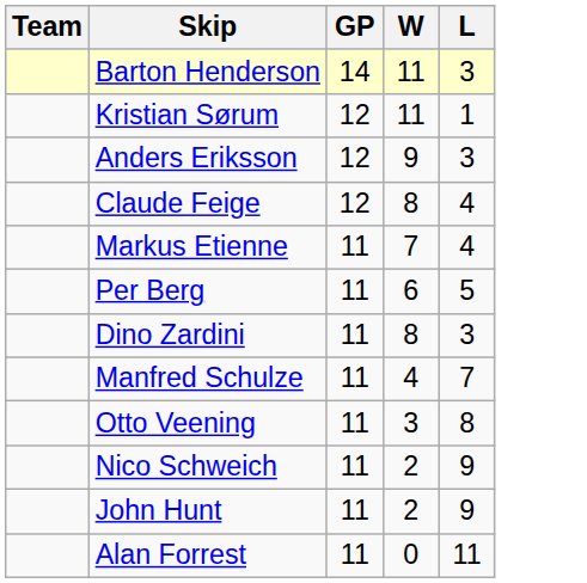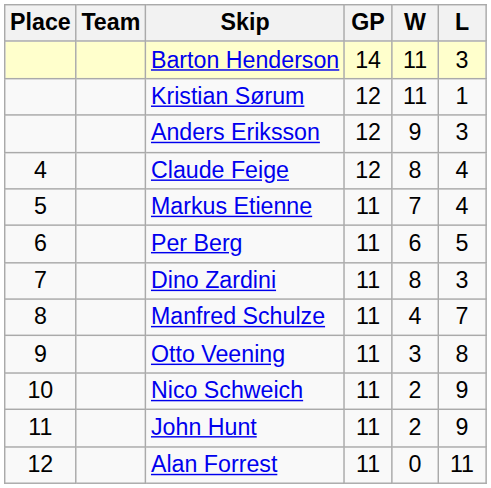 <table class="wikitable" style="text-align:center;">
 <tr>
+<th>Place</th>
 <th>Team</th>
 <th>Skip</th>
 <th width="25">GP</th>
 <th width="25">W</th>
 <th width="25">L</th>
 </tr>
 <tr bgcolor="#ffffcc">
+<td></td>
 <td align=left></td>
 <td align=left><a href='#'>Barton Henderson</a></td>
 <td>14</td>
 <td>11</td>
 <td>3</td>
 </tr>
 <tr>
+<td></td>
 <td align=left></td>
 <td align=left><a href='#'>Kristian Sørum</a></td>
 <td>12</td>
 <td>11</td>
 <td>1</td>
 </tr>
 <tr>
+<td></td>
 <td align=left></td>
 <td align=left><a href='#'>Anders Eriksson</a></td>
 <td>12</td>
 <td>9</td>
 <td>3</td>
 </tr>
 <tr>
+<td>4</td>
 <td align=left></td>
 <td align=left><a href='#'>Claude Feige</a></td>
 <td>12</td>
 <td>8</td>
 <td>4</td>
 </tr>
 <tr>
+<td>5</td>
 <td align=left></td>
 <td align=left><a href='#'>Markus Etienne</a></td>
 <td>11</td>
 <td>7</td>
 <td>4</td>
 </tr>
 <tr>
+<td>6</td>
 <td align=left></td>
 <td align=left><a href='#'>Per Berg</a></td>
 <td>11</td>
 <td>6</td>
 <td>5</td>
 </tr>
 <tr>
+<td>7</td>
 <td align=left></td>
 <td align=left><a href='#'>Dino Zardini</a></td>
 <td>11</td>
 <td>8</td>
 <td>3</td>
 </tr>
 <tr>
+<td>8</td>
 <td align=left></td>
 <td align=left><a href='#'>Manfred Schulze</a></td>
 <td>11</td>
 <td>4</td>
 <td>7</td>
 </tr>
 <tr>
+<td>9</td>
 <td align=left></td>
 <td align=left><a href='#'>Otto Veening</a></td>
 <td>11</td>
 <td>3</td>
 <td>8</td>
 </tr>
 <tr>
+<td>10</td>
 <td align=left></td>
 <td align=left><a href='#'>Nico Schweich</a></td>
 <td>11</td>
 <td>2</td>
 <td>9</td>
 </tr>
 <tr>
+<td>11</td>
 <td align=left></td>
 <td align=left><a href='#'>John Hunt</a></td>
 <td>11</td>
 <td>2</td>
 <td>9</td>
 </tr>
 <tr>
+<td>12</td>
 <td align=left></td>
 <td align=left><a href='#'>Alan Forrest</a></td>
 <td>11</td>
 <td>0</td>
 <td>11</td>
 </tr>
 </table>
